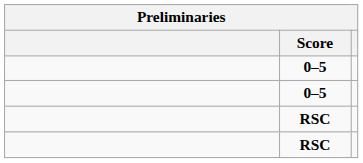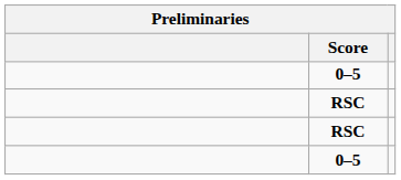 <table class="wikitable" style="text-align: center; font-size:90% ">
 <tr>
 <th colspan=3>Preliminaries</th>
 </tr>
 <tr>
 <th align="right" width="250"></th>
 <th width="60">Score</th>
 <th align=leftwidth="250"></th>
 </tr>
 <tr>
 <td align=left></td>
 <td><strong>0–5</strong></td>
 <td align=left><strong></strong></td>
 </tr>
 <tr>
 <td align=left></td>
-<td><strong>0–5</strong></td>
+<td><strong>RSC</strong></td>
 <td align=left><strong></strong></td>
 </tr>
 <tr>
 <td align=left><strong></strong></td>
 <td><strong>RSC</strong></td>
 <td align=left></td>
 </tr>
 <tr>
 <td align=left></td>
-<td><strong>RSC</strong></td>
+<td><strong>0–5</strong></td>
 <td align=left><strong></strong></td>
 </tr>
 </table>
